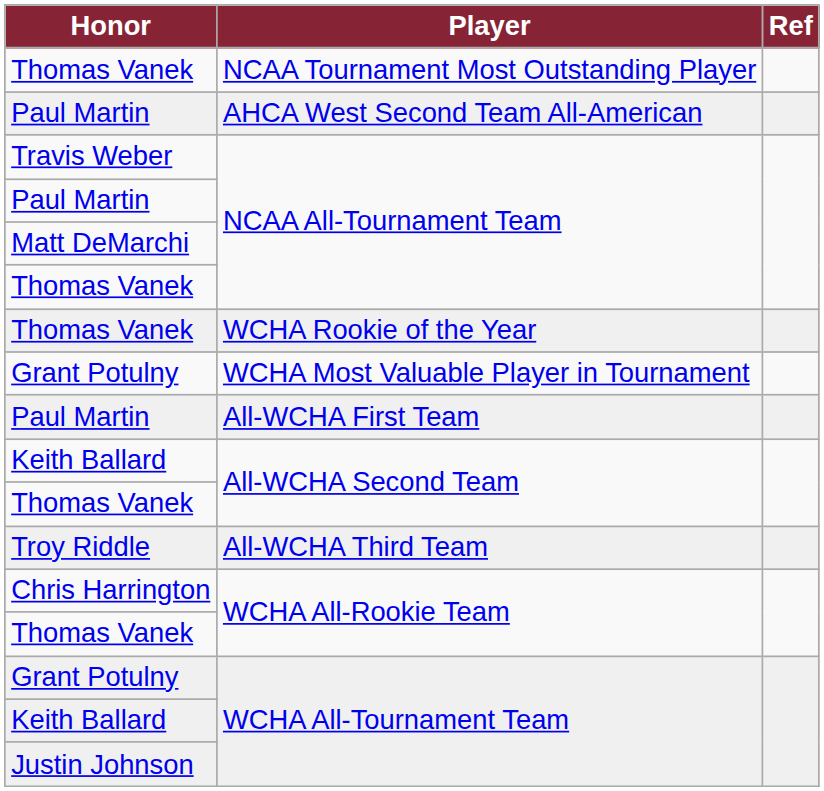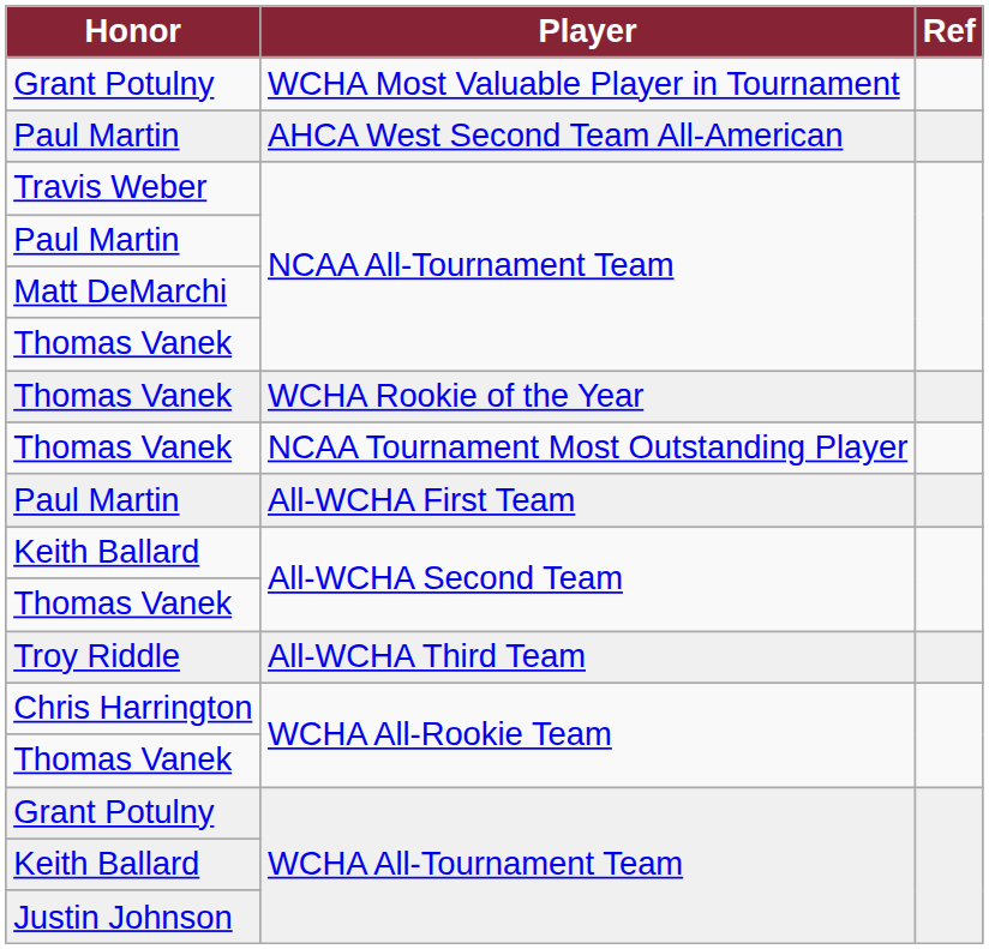 <table class="wikitable">
 <tr>
 <th style="color:white; background:#862334; ">Honor</th>
 <th style="color:white; background:#862334; ">Player</th>
 <th style="color:white; background:#862334; ">Ref</th>
 </tr>
 <tr>
-<td><a href='#'>Thomas Vanek</a></td>
-<td><a href='#'>NCAA Tournament Most Outstanding Player</a></td>
+<td><a href='#'>Grant Potulny</a></td>
+<td><a href='#'>WCHA Most Valuable Player in Tournament</a></td>
 <td></td>
 </tr>
 <tr bgcolor=f0f0f0>
 <td><a href='#'>Paul Martin</a></td>
 <td><a href='#'>AHCA West Second Team All-American</a></td>
 <td></td>
 </tr>
 <tr>
 <td><a href='#'>Travis Weber</a></td>
 <td rowspan=4><a href='#'>NCAA All-Tournament Team</a></td>
 <td rowspan=4></td>
 </tr>
 <tr>
 <td><a href='#'>Paul Martin</a></td>
 </tr>
 <tr>
 <td><a href='#'>Matt DeMarchi</a></td>
 </tr>
 <tr>
 <td><a href='#'>Thomas Vanek</a></td>
 </tr>
 <tr bgcolor=f0f0f0>
 <td><a href='#'>Thomas Vanek</a></td>
 <td><a href='#'>WCHA Rookie of the Year</a></td>
 <td></td>
 </tr>
 <tr>
-<td><a href='#'>Grant Potulny</a></td>
-<td><a href='#'>WCHA Most Valuable Player in Tournament</a></td>
+<td><a href='#'>Thomas Vanek</a></td>
+<td><a href='#'>NCAA Tournament Most Outstanding Player</a></td>
 <td></td>
 </tr>
 <tr bgcolor=f0f0f0>
 <td><a href='#'>Paul Martin</a></td>
 <td><a href='#'>All-WCHA First Team</a></td>
 <td></td>
 </tr>
 <tr>
 <td><a href='#'>Keith Ballard</a></td>
 <td rowspan=2><a href='#'>All-WCHA Second Team</a></td>
 <td rowspan=2></td>
 </tr>
 <tr>
 <td><a href='#'>Thomas Vanek</a></td>
 </tr>
 <tr bgcolor=f0f0f0>
 <td><a href='#'>Troy Riddle</a></td>
 <td><a href='#'>All-WCHA Third Team</a></td>
 <td></td>
 </tr>
 <tr>
 <td><a href='#'>Chris Harrington</a></td>
 <td rowspan=2><a href='#'>WCHA All-Rookie Team</a></td>
 <td rowspan=2></td>
 </tr>
 <tr>
 <td><a href='#'>Thomas Vanek</a></td>
 </tr>
 <tr bgcolor=f0f0f0>
 <td><a href='#'>Grant Potulny</a></td>
 <td rowspan=3><a href='#'>WCHA All-Tournament Team</a></td>
 <td rowspan=3></td>
 </tr>
 <tr bgcolor=f0f0f0>
 <td><a href='#'>Keith Ballard</a></td>
 </tr>
 <tr bgcolor=f0f0f0>
 <td><a href='#'>Justin Johnson</a></td>
 </tr>
 </table>
